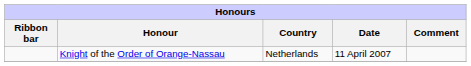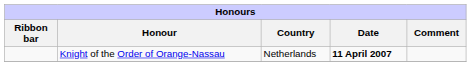 <table class="wikitable" style="width:60%;">
 <tr style="background:#ccf; text-align:center;">
 <td colspan=5><strong>Honours</strong></td>
 </tr>
 <tr>
 <th style="width:80px;">Ribbon bar</th>
 <th>Honour</th>
 <th>Country</th>
 <th>Date</th>
 <th>Comment</th>
 </tr>
 <tr>
 <td></td>
 <td><a href='#'>Knight</a> of the <a href='#'>Order of Orange-Nassau</a></td>
 <td>Netherlands</td>
-<td>11 April 2007</td>
+<td><strong>11 April 2007</strong></td>
 <td></td>
 </tr>
 <tr>
 </tr>
 </table>
